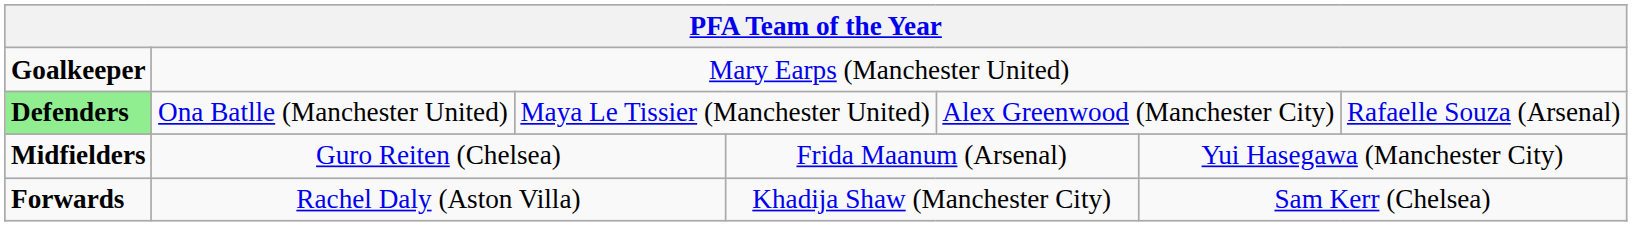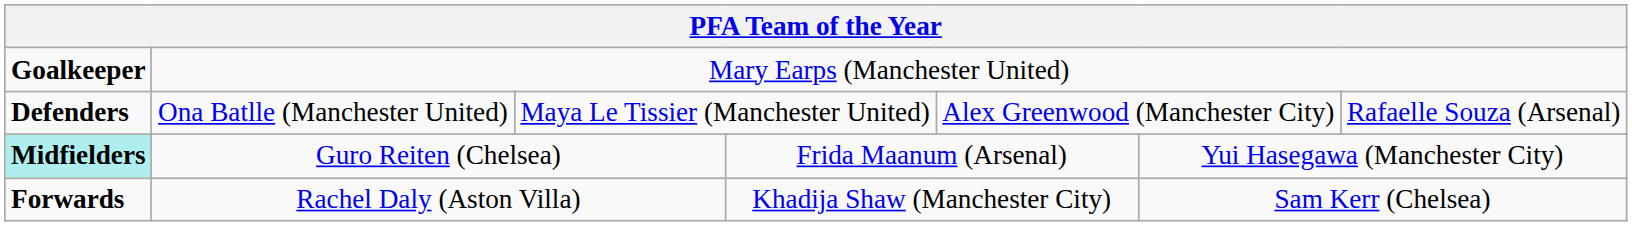 <table class="wikitable">
 <tr>
 <th colspan="13"><a href='#'>PFA Team of the Year</a></th>
 </tr>
 <tr>
 <td><strong>Goalkeeper</strong></td>
 <td colspan="12" align="center"> <a href='#'>Mary Earps</a> (Manchester United)</td>
 </tr>
 <tr>
-<td style="background: lightgreen;"><strong>Defenders</strong></td>
+<td><strong>Defenders</strong></td>
 <td colspan="3" align="center"> <a href='#'>Ona Batlle</a> (Manchester United)</td>
 <td colspan="3" align="center"> <a href='#'>Maya Le Tissier</a> (Manchester United)</td>
 <td colspan="3" align="center"> <a href='#'>Alex Greenwood</a> (Manchester City)</td>
 <td colspan="3" align="center"> <a href='#'>Rafaelle Souza</a> (Arsenal)</td>
 </tr>
 <tr>
-<td><strong>Midfielders</strong></td>
+<td style="background: paleturquoise;"><strong>Midfielders</strong></td>
 <td colspan="4" align="center"> <a href='#'>Guro Reiten</a> (Chelsea)</td>
 <td colspan="4" align="center"> <a href='#'>Frida Maanum</a> (Arsenal)</td>
 <td colspan="4" align="center"> <a href='#'>Yui Hasegawa</a> (Manchester City)</td>
 </tr>
 <tr>
 <td><strong>Forwards</strong></td>
 <td colspan="4" align="center"> <a href='#'>Rachel Daly</a> (Aston Villa)</td>
 <td colspan="4" align="center"> <a href='#'>Khadija Shaw</a> (Manchester City)</td>
 <td colspan="4" align="center"> <a href='#'>Sam Kerr</a> (Chelsea)</td>
 </tr>
 </table>
